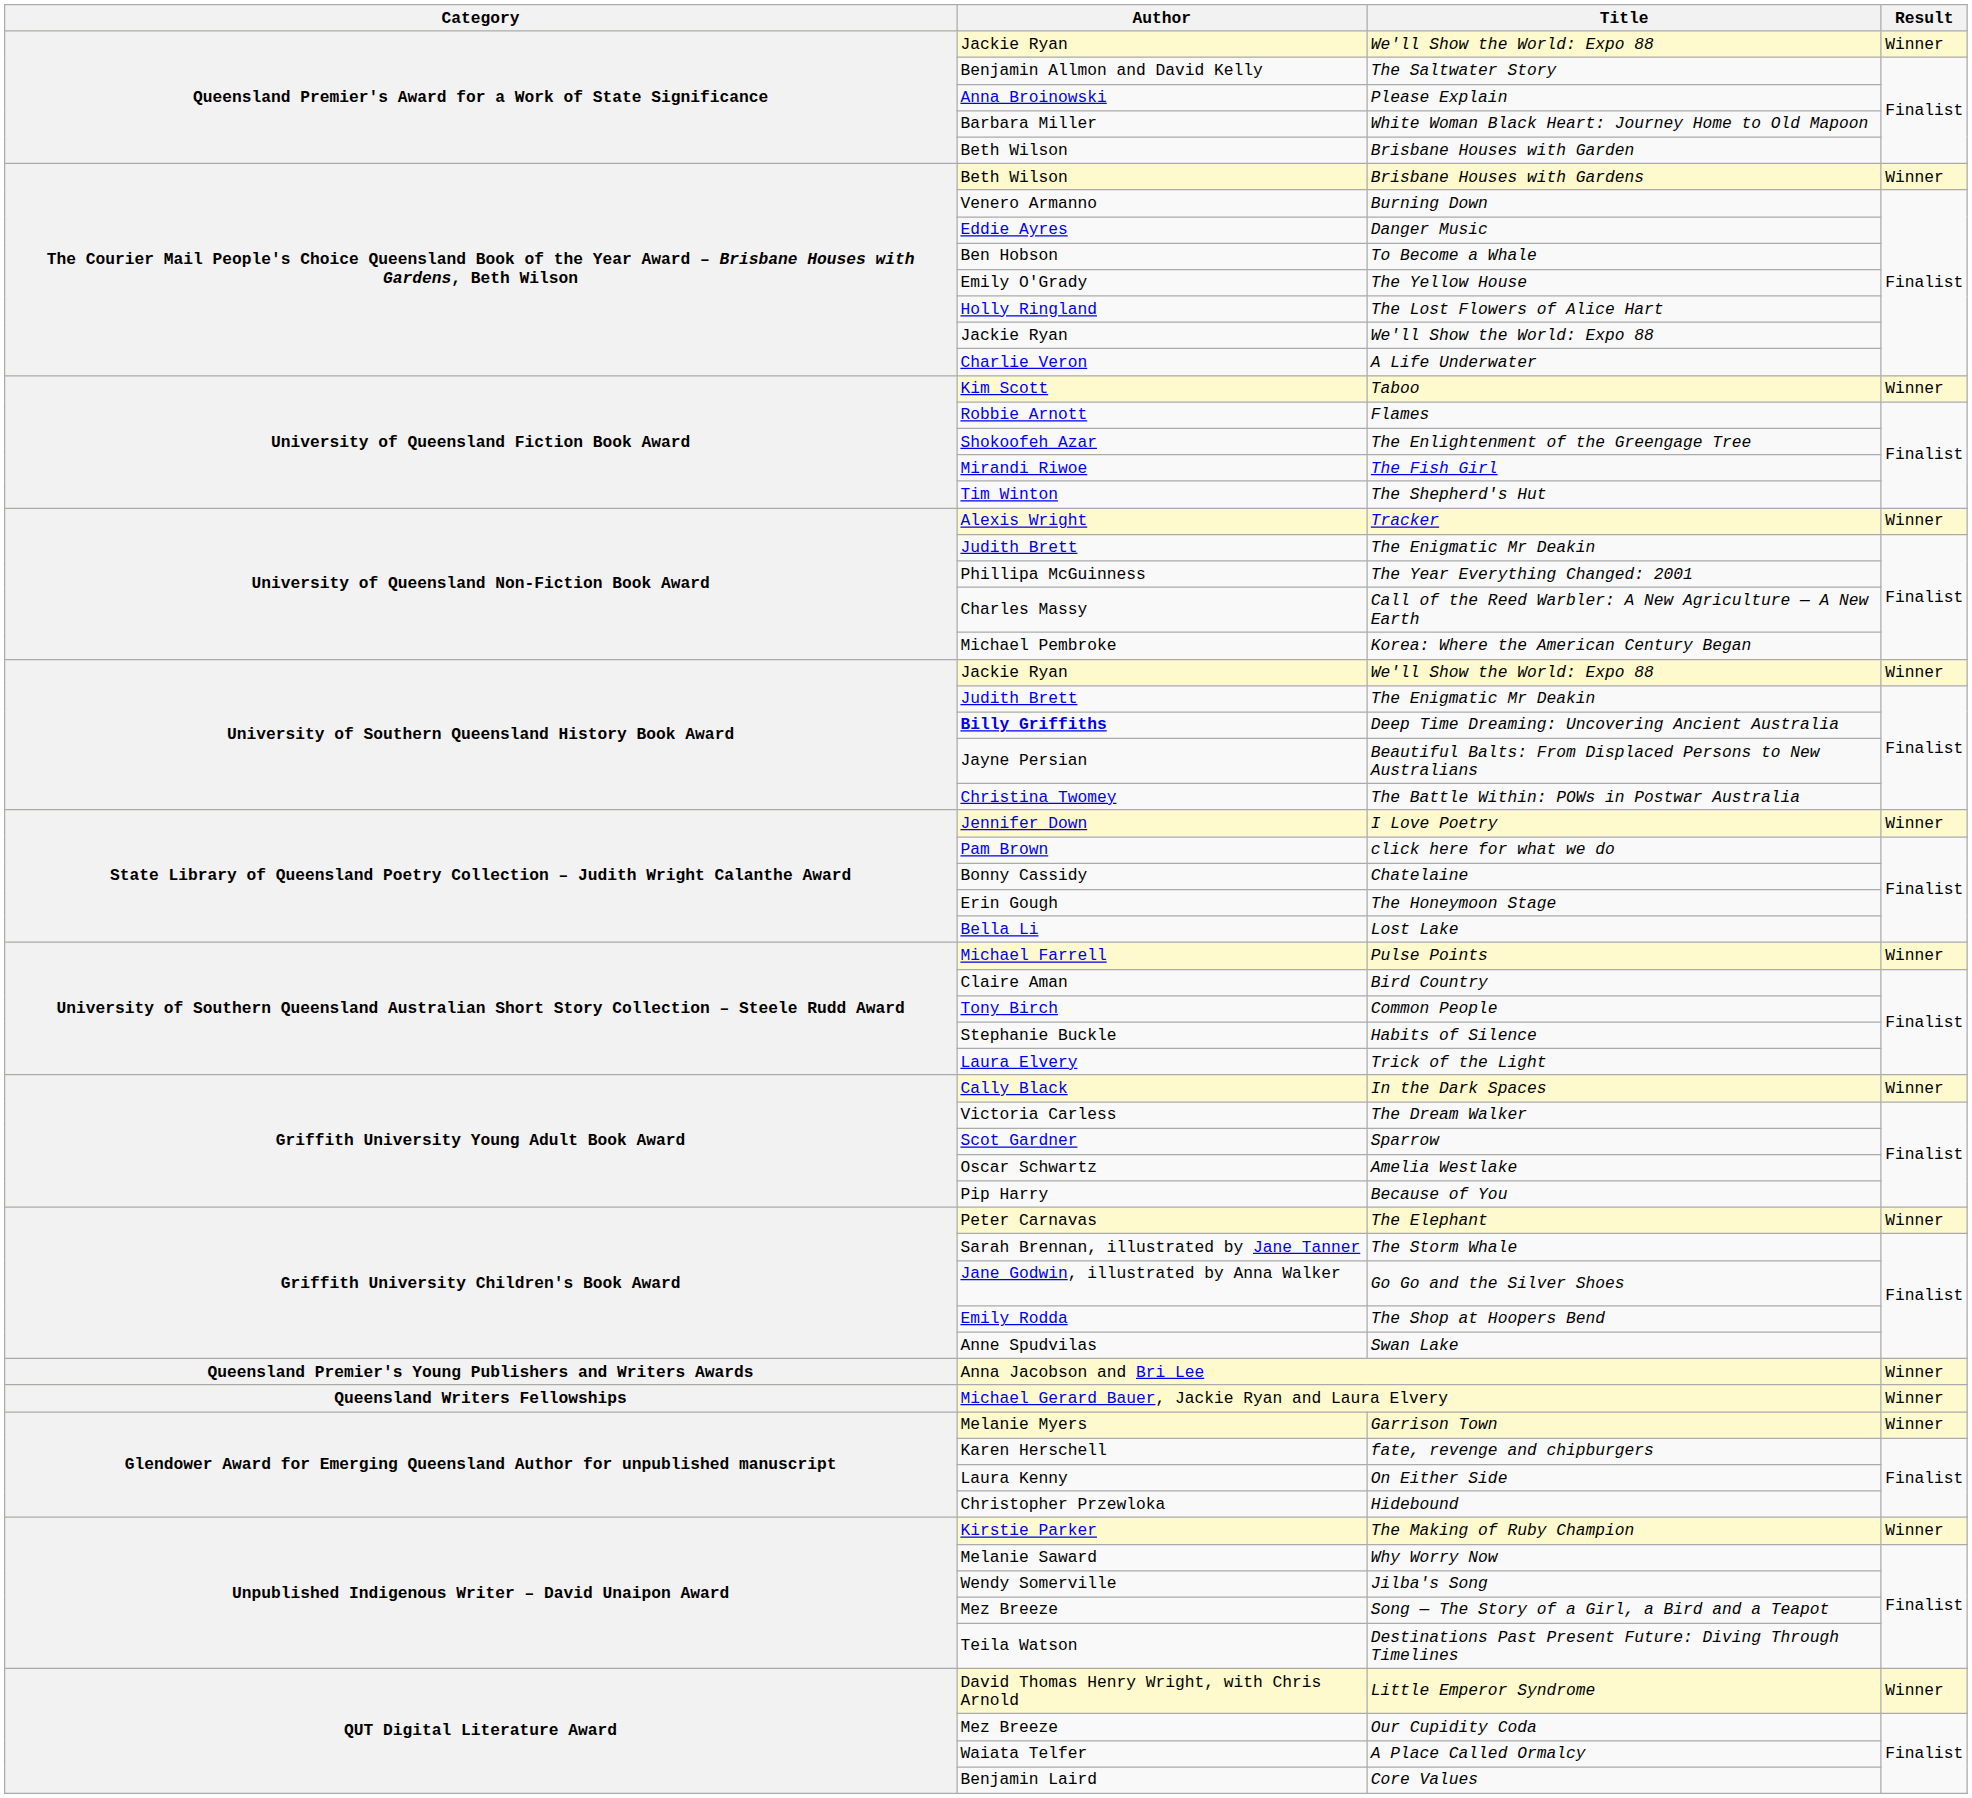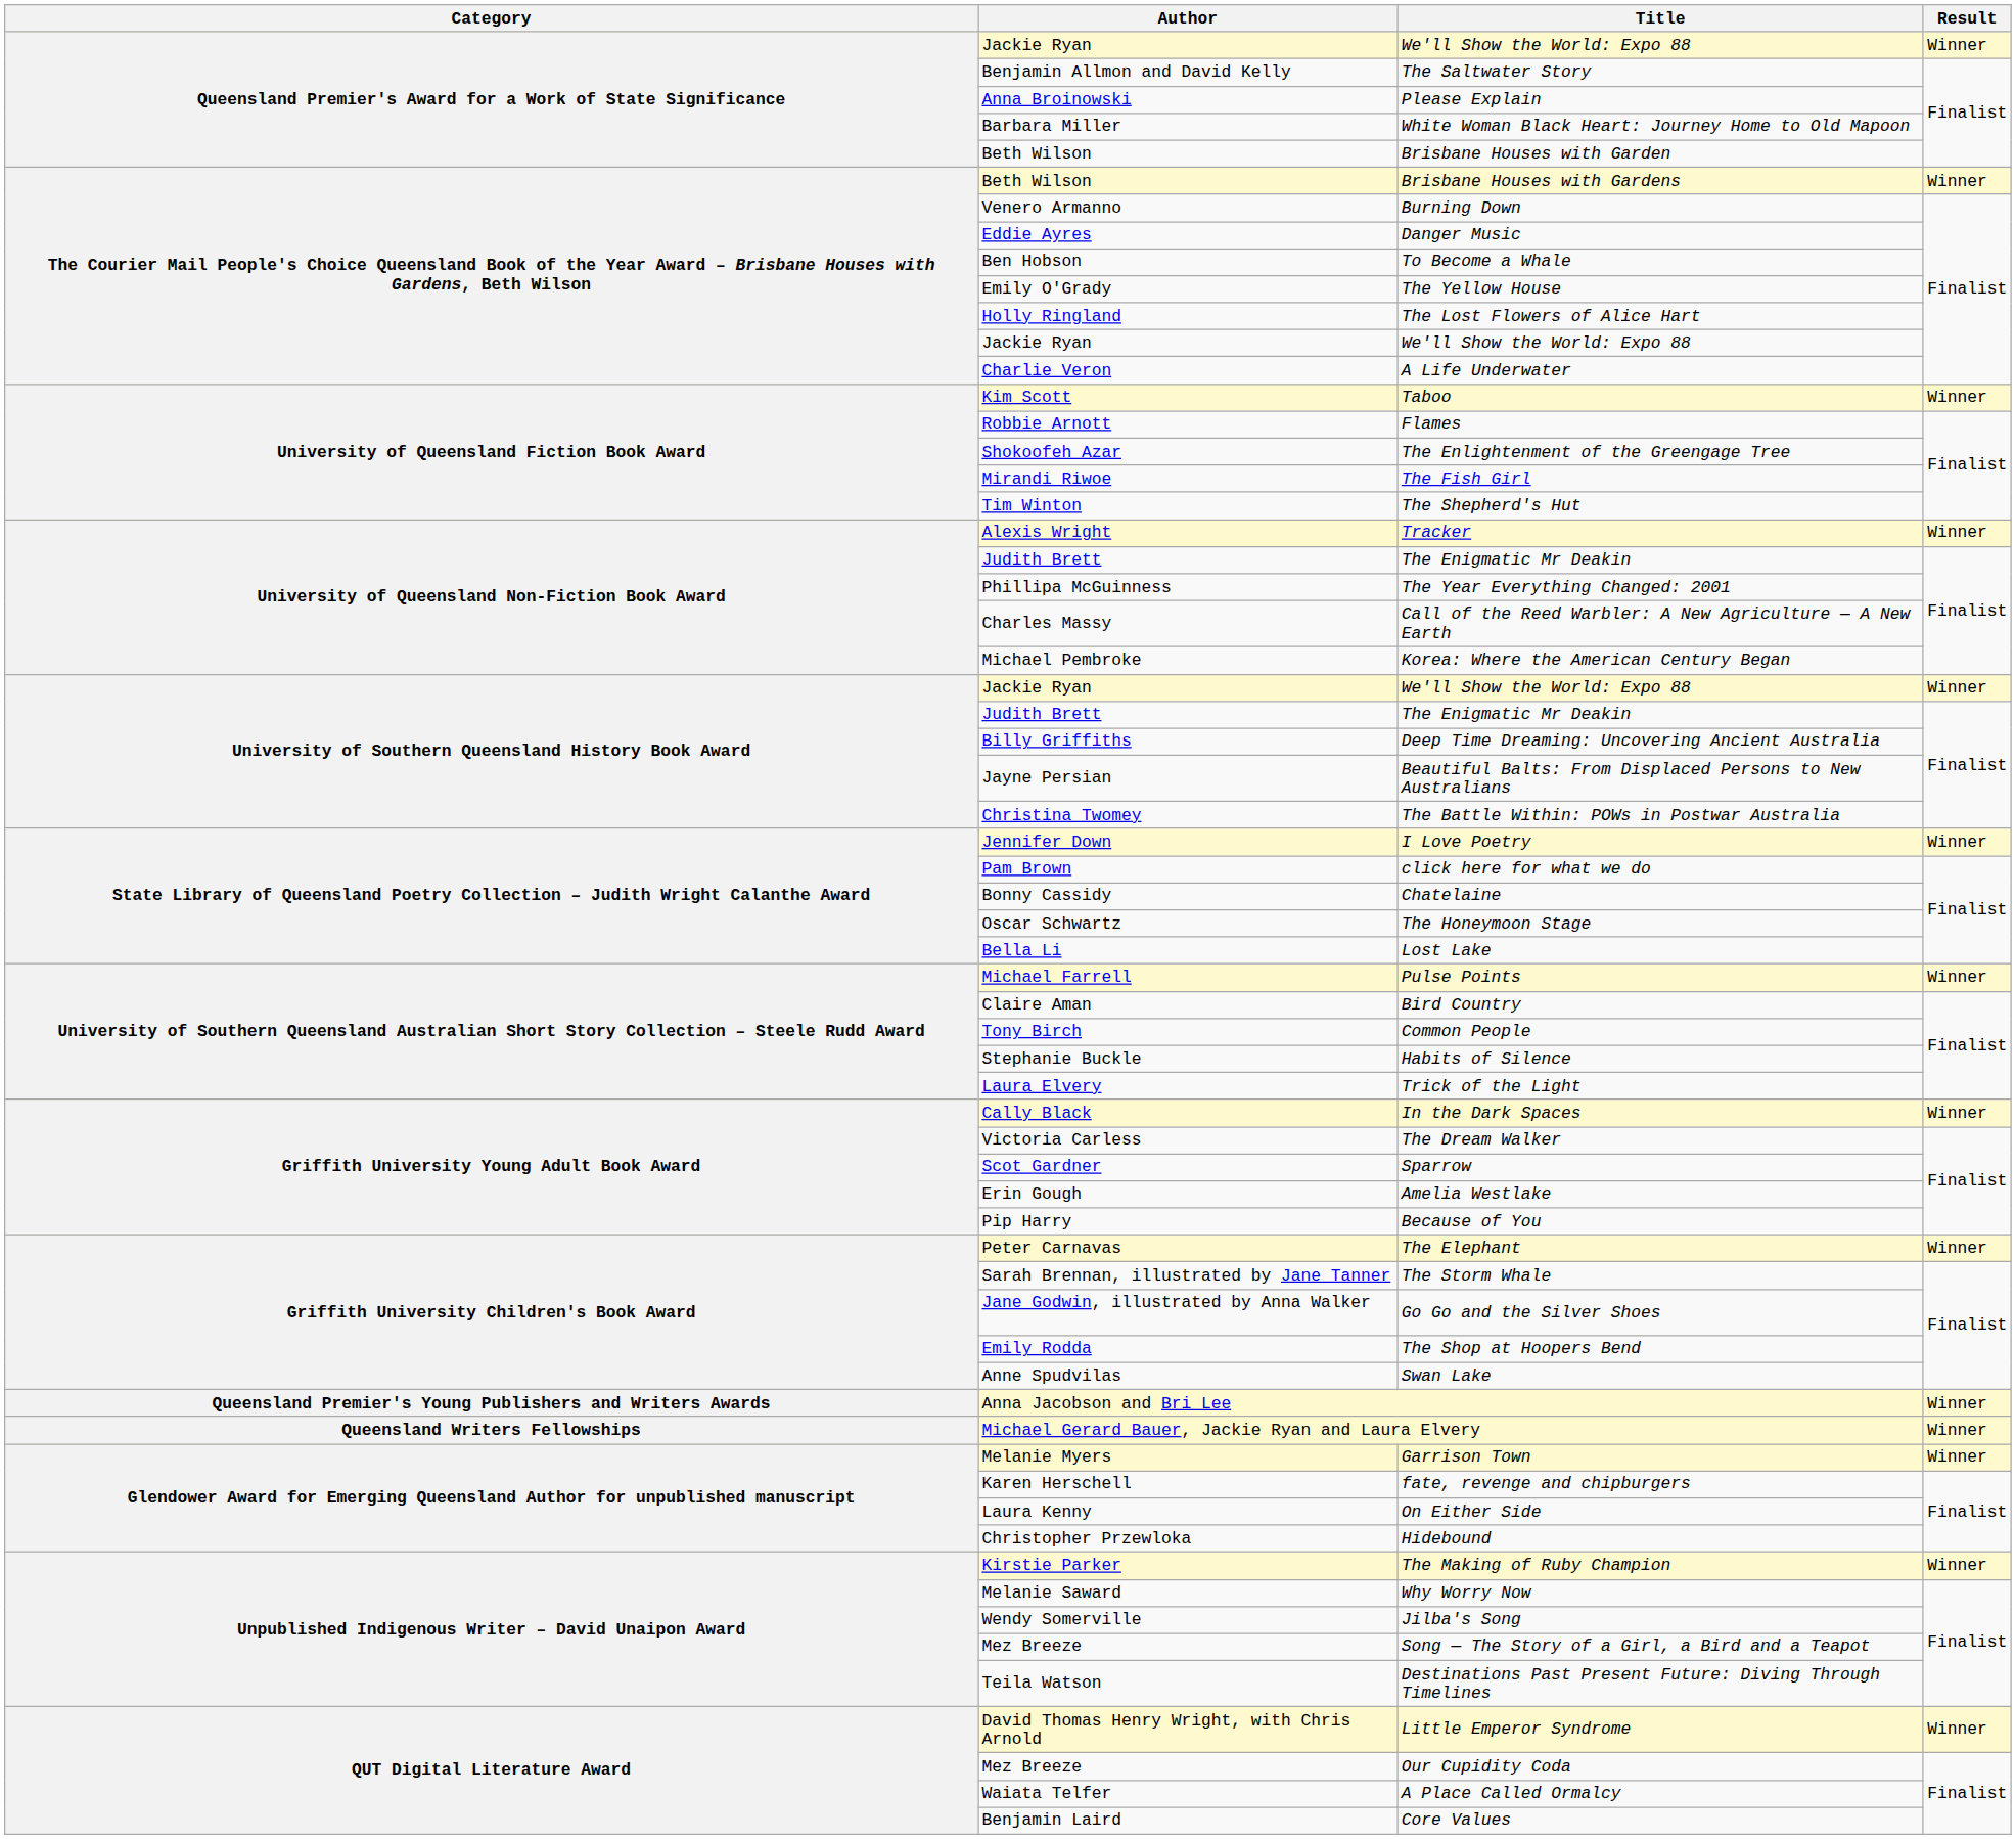 <table class="wikitable sortable">
 <tr>
 <th>Category</th>
 <th>Author</th>
 <th>Title</th>
 <th>Result</th>
 </tr>
 <tr style="background:LemonChiffon; color:black">
 <th rowspan="5">Queensland Premier's Award for a Work of State Significance</th>
 <td>Jackie Ryan</td>
 <td><em>We'll Show the World: Expo 88</em></td>
 <td>Winner</td>
 </tr>
 <tr>
 <td>Benjamin Allmon and David Kelly</td>
 <td><em>The Saltwater Story</em></td>
 <td rowspan="4">Finalist</td>
 </tr>
 <tr>
 <td><a href='#'>Anna Broinowski</a></td>
 <td><em>Please Explain</em></td>
 </tr>
 <tr>
 <td>Barbara Miller</td>
 <td><em>White Woman Black Heart: Journey Home to Old Mapoon</em></td>
 </tr>
 <tr>
 <td>Beth Wilson</td>
 <td><em>Brisbane Houses with Garden</em></td>
 </tr>
 <tr style="background:LemonChiffon; color:black">
 <th rowspan="8">The Courier Mail People's Choice Queensland Book of the Year Award – <em>Brisbane Houses with Gardens</em>, Beth Wilson</th>
 <td>Beth Wilson</td>
 <td><em>Brisbane Houses with Gardens</em></td>
 <td>Winner</td>
 </tr>
 <tr>
 <td>Venero Armanno</td>
 <td><em>Burning Down</em></td>
 <td rowspan="7">Finalist</td>
 </tr>
 <tr>
 <td><a href='#'>Eddie Ayres</a></td>
 <td><em>Danger Music</em></td>
 </tr>
 <tr>
 <td>Ben Hobson</td>
 <td><em>To Become a Whale</em></td>
 </tr>
 <tr>
 <td>Emily O'Grady</td>
 <td><em>The Yellow House</em></td>
 </tr>
 <tr>
 <td><a href='#'>Holly Ringland</a></td>
 <td><em>The Lost Flowers of Alice Hart</em></td>
 </tr>
 <tr>
 <td>Jackie Ryan</td>
 <td><em>We'll Show the World: Expo 88</em></td>
 </tr>
 <tr>
 <td><a href='#'>Charlie Veron</a></td>
 <td><em>A Life Underwater</em></td>
 </tr>
 <tr style="background:LemonChiffon; color:black">
 <th rowspan="5">University of Queensland Fiction Book Award</th>
 <td><a href='#'>Kim Scott</a></td>
 <td><em>Taboo</em></td>
 <td>Winner</td>
 </tr>
 <tr>
 <td><a href='#'>Robbie Arnott</a></td>
 <td><em>Flames</em></td>
 <td rowspan="4">Finalist</td>
 </tr>
 <tr>
 <td><a href='#'>Shokoofeh Azar</a></td>
 <td><em>The Enlightenment of the Greengage Tree</em></td>
 </tr>
 <tr>
 <td><a href='#'>Mirandi Riwoe</a></td>
 <td><em><a href='#'>The Fish Girl</a></em></td>
 </tr>
 <tr>
 <td><a href='#'>Tim Winton</a></td>
 <td><em>The Shepherd's Hut</em></td>
 </tr>
 <tr style="background:LemonChiffon; color:black">
 <th rowspan="5">University of Queensland Non-Fiction Book Award</th>
 <td><a href='#'>Alexis Wright</a></td>
 <td><em><a href='#'>Tracker</a></em></td>
 <td>Winner</td>
 </tr>
 <tr>
 <td><a href='#'>Judith Brett</a>   </td>
 <td><em>The Enigmatic Mr Deakin</em></td>
 <td rowspan="4">Finalist</td>
 </tr>
 <tr>
 <td>Phillipa McGuinness</td>
 <td><em>The Year Everything Changed: 2001</em></td>
 </tr>
 <tr>
 <td>Charles Massy</td>
 <td><em>Call of the Reed Warbler: A New Agriculture — A New Earth</em></td>
 </tr>
 <tr>
 <td>Michael Pembroke</td>
 <td><em>Korea: Where the American Century Began</em></td>
 </tr>
 <tr style="background:LemonChiffon; color:black">
 <th rowspan="5">University of Southern Queensland History Book Award</th>
 <td>Jackie Ryan</td>
 <td><em>We'll Show the World: Expo 88</em></td>
 <td>Winner</td>
 </tr>
 <tr>
 <td><a href='#'>Judith Brett</a></td>
 <td><em>The Enigmatic Mr Deakin</em></td>
 <td rowspan="4">Finalist</td>
 </tr>
 <tr>
-<td><strong><a href='#'>Billy Griffiths</a></strong></td>
+<td><a href='#'>Billy Griffiths</a></td>
 <td><em>Deep Time Dreaming: Uncovering Ancient Australia</em></td>
 </tr>
 <tr>
 <td>Jayne Persian</td>
 <td><em>Beautiful Balts: From Displaced Persons to New Australians</em></td>
 </tr>
 <tr>
 <td><a href='#'>Christina Twomey</a></td>
 <td><em>The Battle Within: POWs in Postwar Australia</em></td>
 </tr>
 <tr style="background:LemonChiffon; color:black">
 <th rowspan="5">State Library of Queensland Poetry Collection – Judith Wright Calanthe Award</th>
 <td><a href='#'>Jennifer Down</a></td>
 <td><em>I Love Poetry</em></td>
 <td>Winner</td>
 </tr>
 <tr>
 <td><a href='#'>Pam Brown</a></td>
 <td><em>click here for what we do</em></td>
 <td rowspan="4">Finalist</td>
 </tr>
 <tr>
 <td>Bonny Cassidy</td>
 <td><em>Chatelaine</em></td>
 </tr>
 <tr>
-<td>Erin Gough</td>
+<td>Oscar Schwartz</td>
 <td><em>The Honeymoon Stage</em></td>
 </tr>
 <tr>
 <td><a href='#'>Bella Li</a>  </td>
 <td><em>Lost Lake</em></td>
 </tr>
 <tr style="background:LemonChiffon; color:black">
 <th rowspan="5">University of Southern Queensland Australian Short Story Collection – Steele Rudd Award</th>
 <td><a href='#'>Michael Farrell</a></td>
 <td><em>Pulse Points</em></td>
 <td>Winner</td>
 </tr>
 <tr>
 <td>Claire Aman   </td>
 <td><em>Bird Country</em></td>
 <td rowspan="4">Finalist</td>
 </tr>
 <tr>
 <td><a href='#'>Tony Birch</a></td>
 <td><em>Common People</em></td>
 </tr>
 <tr>
 <td>Stephanie Buckle</td>
 <td><em>Habits of Silence</em></td>
 </tr>
 <tr>
 <td><a href='#'>Laura Elvery</a></td>
 <td><em>Trick of the Light</em></td>
 </tr>
 <tr style="background:LemonChiffon; color:black">
 <th rowspan="5">Griffith University Young Adult Book Award</th>
 <td><a href='#'>Cally Black</a></td>
 <td><em>In the Dark Spaces</em></td>
 <td>Winner</td>
 </tr>
 <tr>
 <td>Victoria Carless</td>
 <td><em>The Dream Walker</em></td>
 <td rowspan="4">Finalist</td>
 </tr>
 <tr>
 <td><a href='#'>Scot Gardner</a></td>
 <td><em>Sparrow</em></td>
 </tr>
 <tr>
-<td>Oscar Schwartz</td>
+<td>Erin Gough</td>
 <td><em>Amelia Westlake</em></td>
 </tr>
 <tr>
 <td>Pip Harry</td>
 <td><em>Because of You</em></td>
 </tr>
 <tr style="background:LemonChiffon; color:black">
 <th rowspan="5">Griffith University Children's Book Award</th>
 <td>Peter Carnavas</td>
 <td><em>The Elephant</em></td>
 <td>Winner</td>
 </tr>
 <tr>
 <td>Sarah Brennan, illustrated by <a href='#'>Jane Tanner</a></td>
 <td><em>The Storm Whale</em></td>
 <td rowspan="4">Finalist</td>
 </tr>
 <tr>
 <td><a href='#'>Jane Godwin</a>, illustrated by Anna Walker       </td>
 <td><em>Go Go and the Silver Shoes</em></td>
 </tr>
 <tr>
 <td><a href='#'>Emily Rodda</a></td>
 <td><em>The Shop at Hoopers Bend</em></td>
 </tr>
 <tr>
 <td>Anne Spudvilas  </td>
 <td><em>Swan Lake</em></td>
 </tr>
 <tr style="background:LemonChiffon; color:black">
 <th>Queensland Premier's Young Publishers and Writers Awards</th>
 <td colspan="2">Anna Jacobson and <a href='#'>Bri Lee</a></td>
 <td>Winner</td>
 </tr>
 <tr style="background:LemonChiffon; color:black">
 <th>Queensland Writers Fellowships</th>
 <td colspan="2"><a href='#'>Michael Gerard Bauer</a>, Jackie Ryan and Laura Elvery</td>
 <td>Winner</td>
 </tr>
 <tr style="background:LemonChiffon; color:black">
 <th rowspan="4">Glendower Award for Emerging Queensland Author for unpublished manuscript</th>
 <td>Melanie Myers</td>
 <td><em>Garrison Town</em></td>
 <td>Winner</td>
 </tr>
 <tr>
 <td>Karen Herschell     </td>
 <td><em>fate, revenge and chipburgers</em></td>
 <td rowspan="3">Finalist</td>
 </tr>
 <tr>
 <td>Laura Kenny       </td>
 <td><em>On Either Side</em></td>
 </tr>
 <tr>
 <td>Christopher Przewloka   </td>
 <td><em>Hidebound</em></td>
 </tr>
 <tr style="background:LemonChiffon; color:black">
 <th rowspan="5">Unpublished Indigenous Writer – David Unaipon Award</th>
 <td><a href='#'>Kirstie Parker</a></td>
 <td><em>The Making of Ruby Champion</em></td>
 <td>Winner</td>
 </tr>
 <tr>
 <td>Melanie Saward</td>
 <td><em>Why Worry Now</em></td>
 <td rowspan="4">Finalist</td>
 </tr>
 <tr>
 <td>Wendy Somerville           </td>
 <td><em>Jilba's Song</em></td>
 </tr>
 <tr>
 <td>Mez Breeze</td>
 <td><em>Song — The Story of a Girl, a Bird and a Teapot</em></td>
 </tr>
 <tr>
 <td>Teila Watson</td>
 <td><em>Destinations Past Present Future: Diving Through Timelines</em></td>
 </tr>
 <tr style="background:LemonChiffon; color:black">
 <th rowspan="4">QUT Digital Literature Award</th>
 <td>David Thomas Henry Wright, with Chris Arnold</td>
 <td><em>Little Emperor Syndrome</em></td>
 <td>Winner</td>
 </tr>
 <tr>
 <td>Mez Breeze</td>
 <td><em>Our Cupidity Coda</em></td>
 <td rowspan="3">Finalist</td>
 </tr>
 <tr>
 <td>Waiata Telfer</td>
 <td><em>A Place Called Ormalcy</em></td>
 </tr>
 <tr>
 <td>Benjamin Laird</td>
 <td><em>Core Values</em></td>
 </tr>
 </table>
